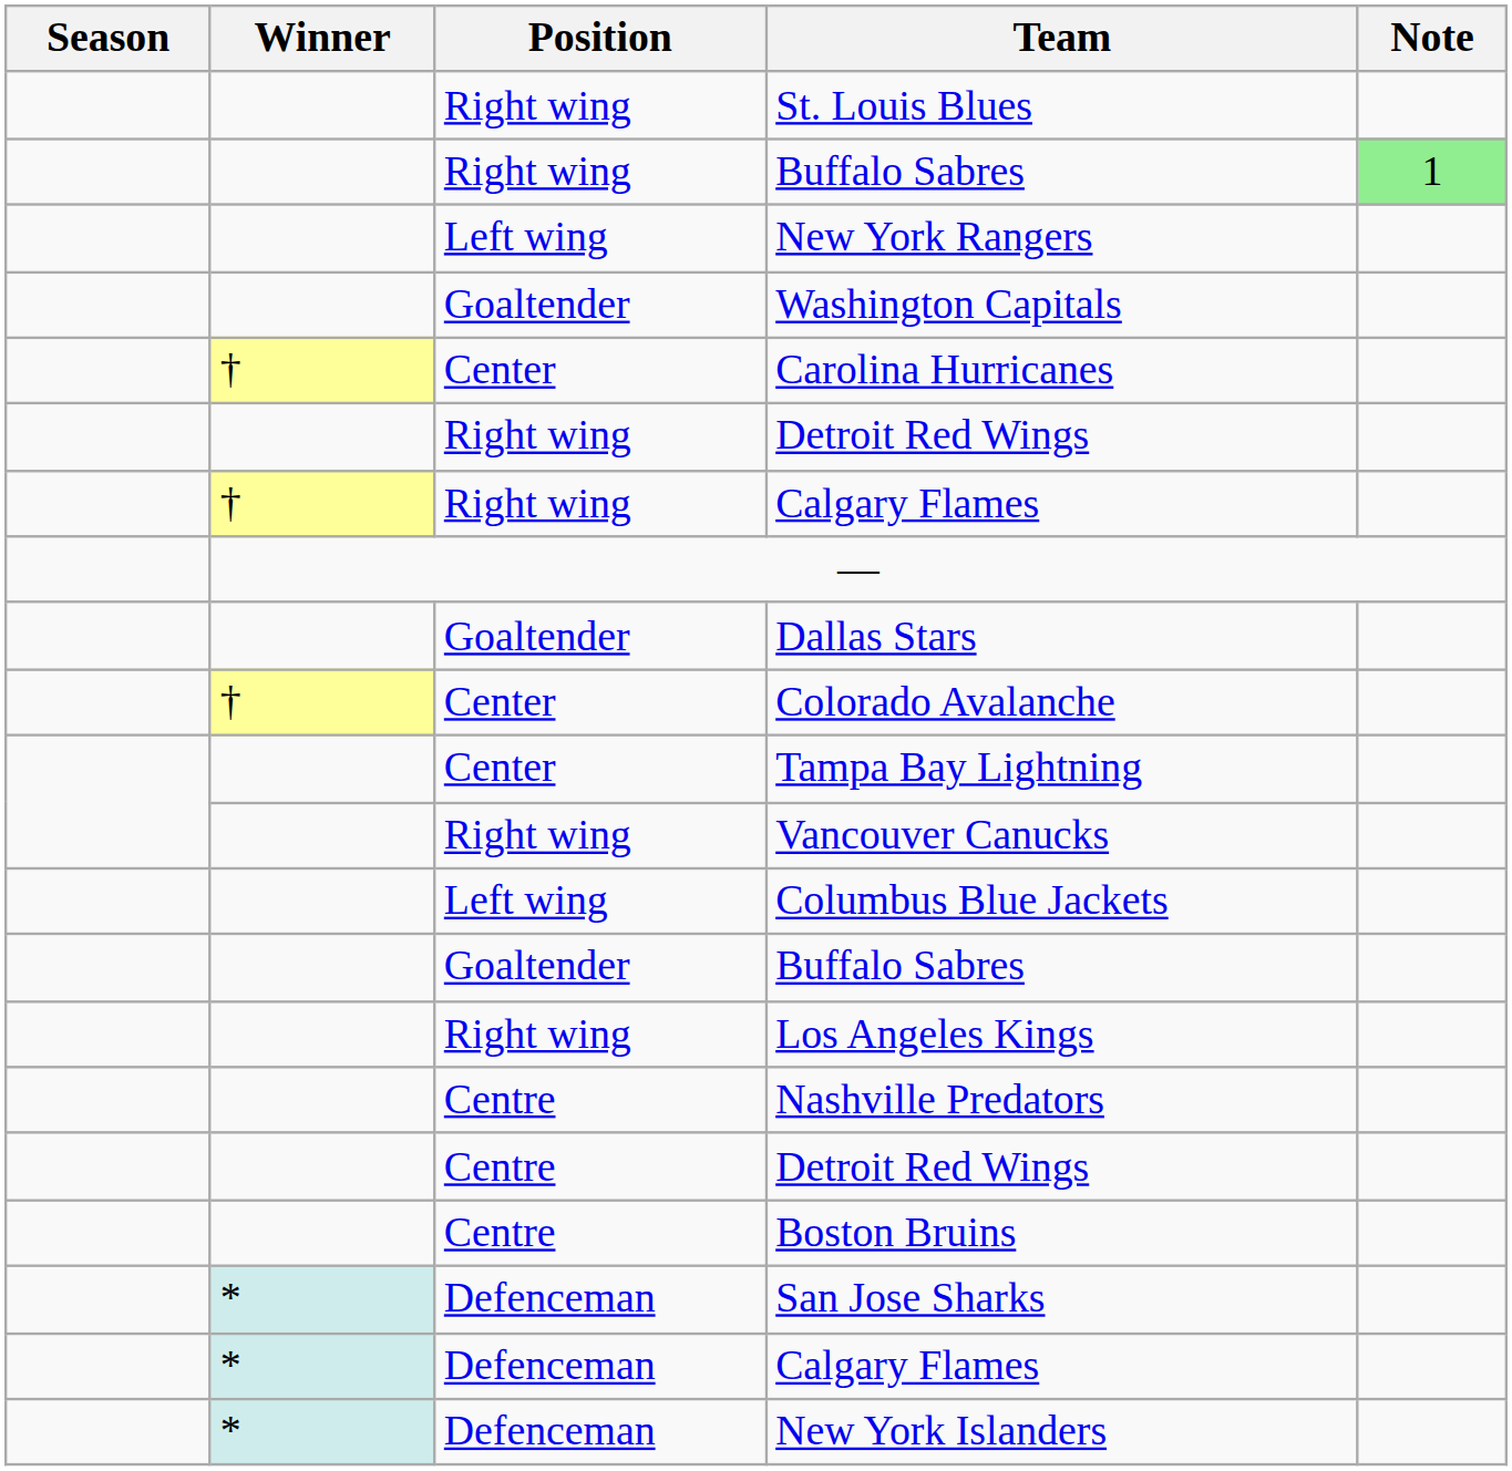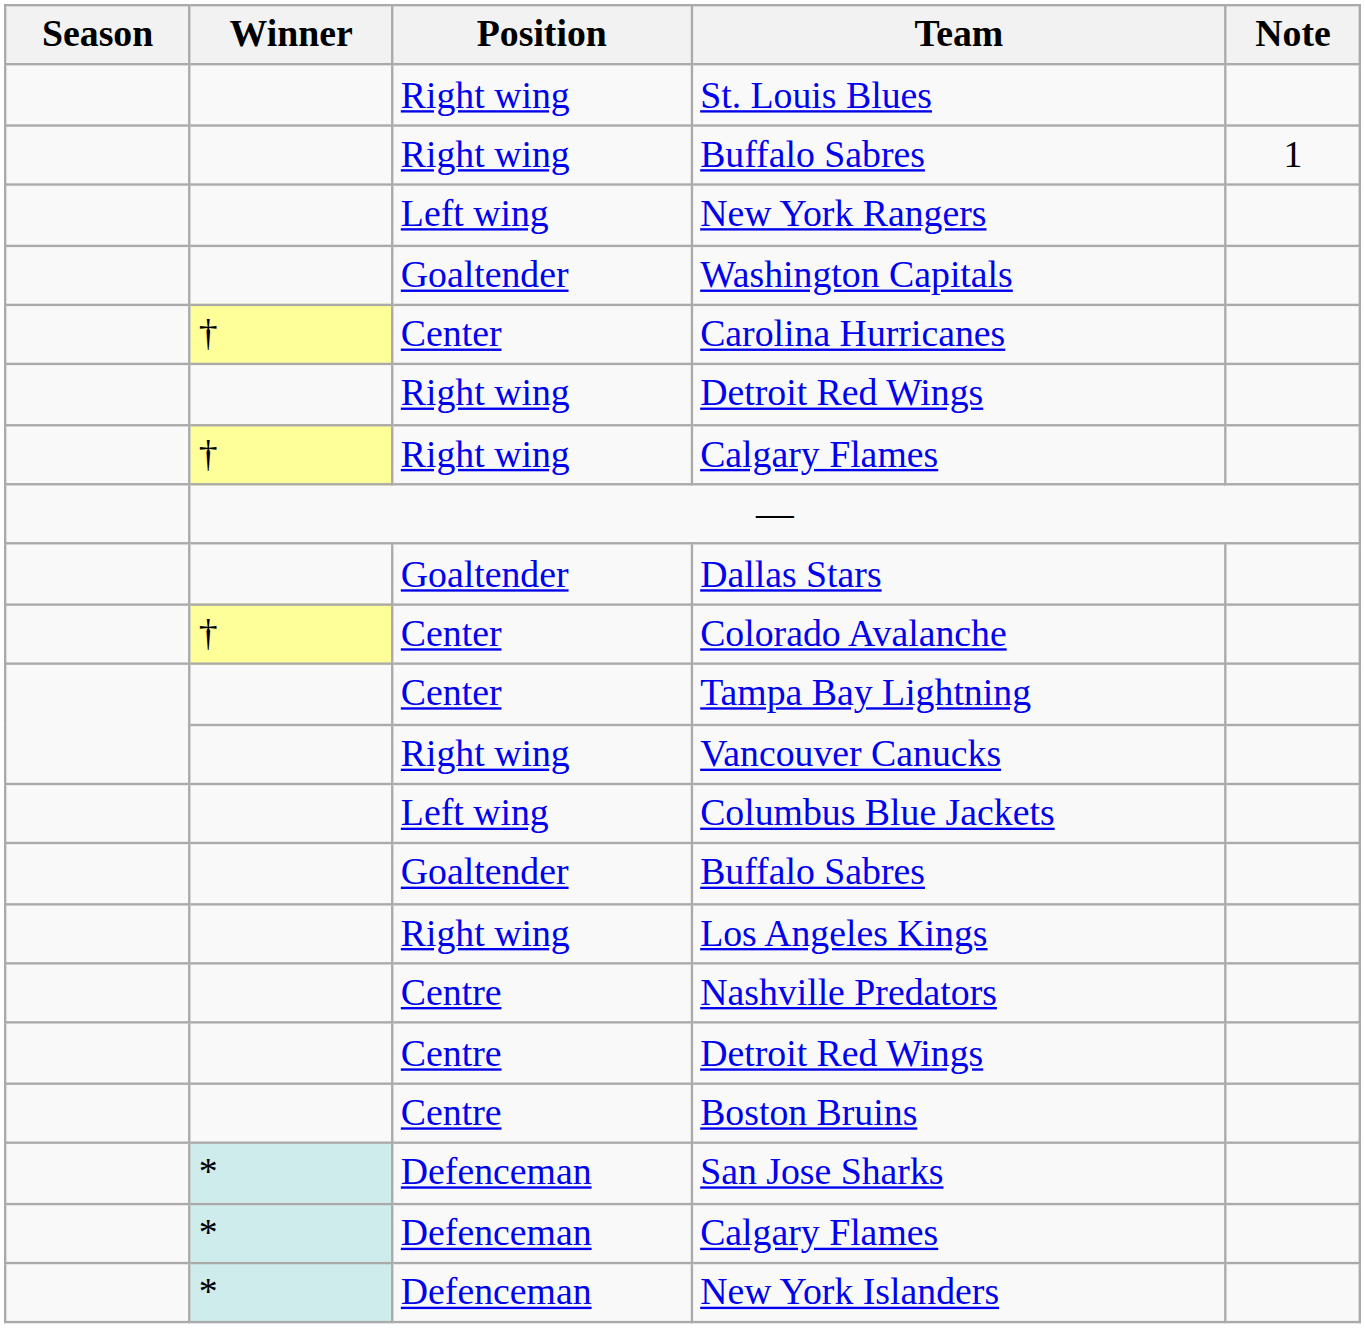 <table class="wikitable sortable" width=575px>
 <tr>
 <th>Season</th>
 <th>Winner</th>
 <th>Position</th>
 <th>Team</th>
 <th class="unsortable">Note</th>
 </tr>
 <tr>
 <td></td>
 <td></td>
 <td><a href='#'>Right wing</a></td>
 <td><a href='#'>St. Louis Blues</a></td>
 <td align="center"></td>
 </tr>
 <tr>
 <td></td>
 <td></td>
 <td><a href='#'>Right wing</a></td>
 <td><a href='#'>Buffalo Sabres</a></td>
-<td align="center" style="background: lightgreen;">1</td>
+<td align="center">1</td>
 </tr>
 <tr>
 <td></td>
 <td></td>
 <td><a href='#'>Left wing</a></td>
 <td><a href='#'>New York Rangers</a></td>
 <td align="center"></td>
 </tr>
 <tr>
 <td></td>
 <td></td>
 <td><a href='#'>Goaltender</a></td>
 <td><a href='#'>Washington Capitals</a></td>
 <td align="center"></td>
 </tr>
 <tr>
 <td></td>
 <td bgcolor="#FFFF99">†</td>
 <td><a href='#'>Center</a></td>
 <td><a href='#'>Carolina Hurricanes</a></td>
 <td align="center"></td>
 </tr>
 <tr>
 <td></td>
 <td></td>
 <td><a href='#'>Right wing</a></td>
 <td><a href='#'>Detroit Red Wings</a></td>
 <td align="center"></td>
 </tr>
 <tr>
 <td></td>
 <td bgcolor="#FFFF99">†</td>
 <td><a href='#'>Right wing</a></td>
 <td><a href='#'>Calgary Flames</a></td>
 <td align="center"></td>
 </tr>
 <tr>
 <td></td>
 <td colspan=5 align="center">—</td>
 </tr>
 <tr>
 <td></td>
 <td></td>
 <td><a href='#'>Goaltender</a></td>
 <td><a href='#'>Dallas Stars</a></td>
 <td align="center"></td>
 </tr>
 <tr>
 <td></td>
 <td bgcolor="#FFFF99">†</td>
 <td><a href='#'>Center</a></td>
 <td><a href='#'>Colorado Avalanche</a></td>
 <td align="center"></td>
 </tr>
 <tr>
 <td rowspan=2></td>
 <td></td>
 <td><a href='#'>Center</a></td>
 <td><a href='#'>Tampa Bay Lightning</a></td>
 <td align="center"></td>
 </tr>
 <tr>
 <td></td>
 <td><a href='#'>Right wing</a></td>
 <td><a href='#'>Vancouver Canucks</a></td>
 <td align="center"></td>
 </tr>
 <tr>
 <td></td>
 <td></td>
 <td><a href='#'>Left wing</a></td>
 <td><a href='#'>Columbus Blue Jackets</a></td>
 <td align="center"></td>
 </tr>
 <tr>
 <td></td>
 <td></td>
 <td><a href='#'>Goaltender</a></td>
 <td><a href='#'>Buffalo Sabres</a></td>
 <td align="center"></td>
 </tr>
 <tr>
 <td></td>
 <td></td>
 <td><a href='#'>Right wing</a></td>
 <td><a href='#'>Los Angeles Kings</a></td>
 <td align="center"></td>
 </tr>
 <tr>
 <td></td>
 <td></td>
 <td><a href='#'>Centre</a></td>
 <td><a href='#'>Nashville Predators</a></td>
 <td align="center"></td>
 </tr>
 <tr>
 <td></td>
 <td></td>
 <td><a href='#'>Centre</a></td>
 <td><a href='#'>Detroit Red Wings</a></td>
 <td align="center"></td>
 </tr>
 <tr>
 <td></td>
 <td></td>
 <td><a href='#'>Centre</a></td>
 <td><a href='#'>Boston Bruins</a></td>
 <td align="center"></td>
 </tr>
 <tr>
 <td></td>
 <td bgcolor="#CFECEC">*</td>
 <td><a href='#'>Defenceman</a></td>
 <td><a href='#'>San Jose Sharks</a></td>
 <td align="center"></td>
 </tr>
 <tr>
 <td></td>
 <td bgcolor="#CFECEC">*</td>
 <td><a href='#'>Defenceman</a></td>
 <td><a href='#'>Calgary Flames</a></td>
 <td align="center"></td>
 </tr>
 <tr>
 <td></td>
 <td bgcolor="#CFECEC">*</td>
 <td><a href='#'>Defenceman</a></td>
 <td><a href='#'>New York Islanders</a></td>
 <td align="center"></td>
 </tr>
 </table>
